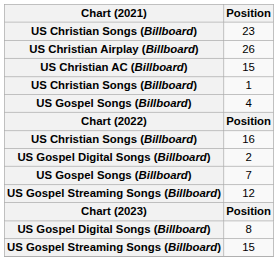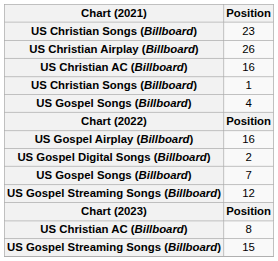 <table class="wikitable plainrowheaders" style="text-align:center">
 <tr>
 <th scope="col">Chart (2021)</th>
 <th scope="col">Position</th>
 </tr>
 <tr>
 <th scope="row">US Christian Songs (<em>Billboard</em>)</th>
 <td>23</td>
 </tr>
 <tr>
 <th scope="row">US Christian Airplay (<em>Billboard</em>)</th>
 <td>26</td>
 </tr>
 <tr>
 <th scope="row">US Christian AC (<em>Billboard</em>)</th>
-<td>15</td>
+<td>16</td>
 </tr>
 <tr>
 <th scope="row">US Christian Songs (<em>Billboard</em>)</th>
 <td>1</td>
 </tr>
 <tr>
 <th scope="row">US Gospel Songs (<em>Billboard</em>)</th>
 <td>4</td>
 </tr>
 <tr>
 <th scope="col">Chart (2022)</th>
 <th scope="col">Position</th>
 </tr>
 <tr>
-<th scope="row">US Christian Songs (<em>Billboard</em>)</th>
+<th scope="row">US Gospel Airplay (<em>Billboard</em>)</th>
 <td>16</td>
 </tr>
 <tr>
 <th scope="row">US Gospel Digital Songs (<em>Billboard</em>)</th>
 <td>2</td>
 </tr>
 <tr>
 <th scope="row">US Gospel Songs (<em>Billboard</em>)</th>
 <td>7</td>
 </tr>
 <tr>
 <th scope="row">US Gospel Streaming Songs (<em>Billboard</em>)</th>
 <td>12</td>
 </tr>
 <tr>
 <th scope="col">Chart (2023)</th>
 <th scope="col">Position</th>
 </tr>
 <tr>
-<th scope="row">US Gospel Digital Songs (<em>Billboard</em>)</th>
+<th scope="row">US Christian AC (<em>Billboard</em>)</th>
 <td>8</td>
 </tr>
 <tr>
 <th scope="row">US Gospel Streaming Songs (<em>Billboard</em>)</th>
 <td>15</td>
 </tr>
 <tr>
 </tr>
 </table>
